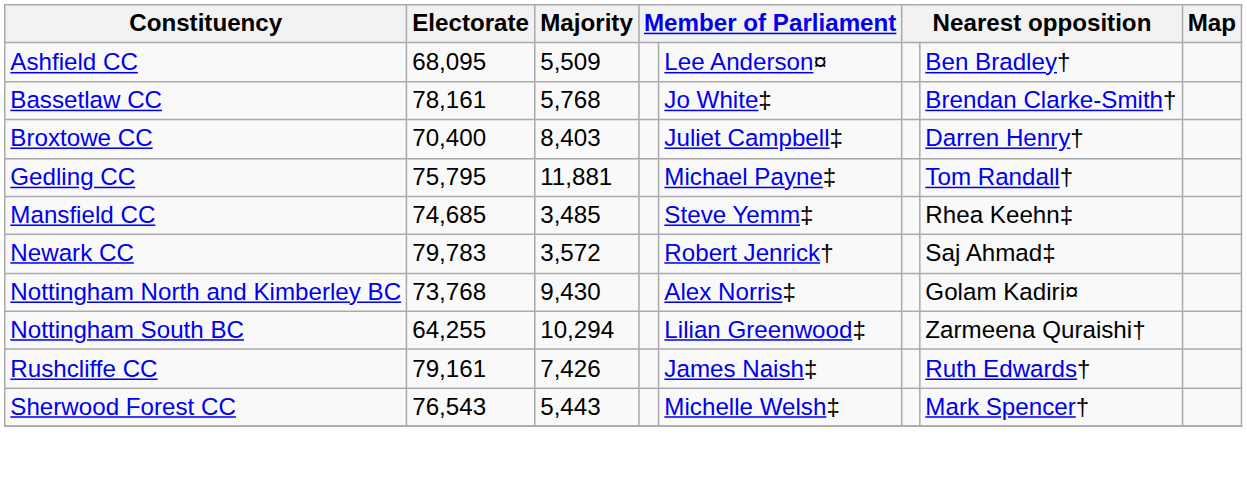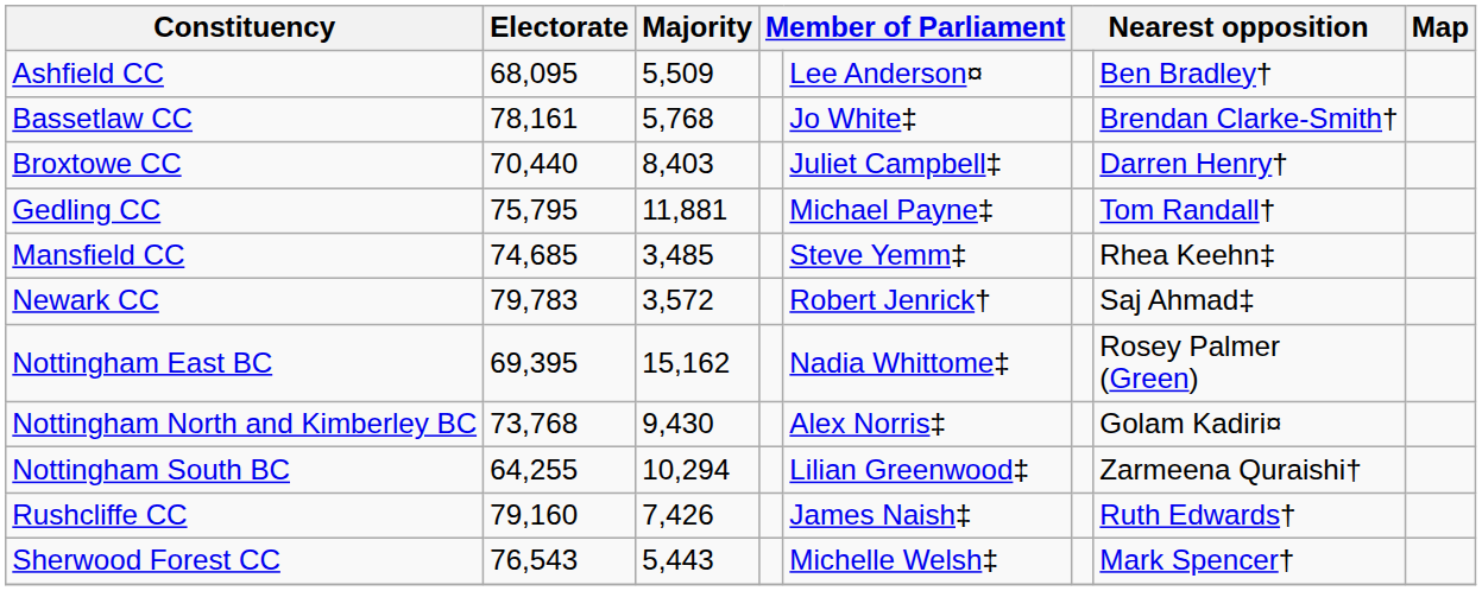 <table class="wikitable sortable">
 <tr>
 <th rowspan="1">Constituency</th>
 <th rowspan="1">Electorate</th>
 <th rowspan="1">Majority</th>
 <th class="unsortable" colspan="2"><a href='#'>Member of Parliament</a></th>
 <th class="unsortable" colspan="2">Nearest opposition<br></th>
 <th class="unsortable" rowspan="1">Map</th>
 </tr>
 <tr>
 <td><a href='#'>Ashfield CC</a></td>
 <td>68,095</td>
 <td>5,509</td>
 <td style="color:inherit;background:"> </td>
 <td><a href='#'>Lee Anderson</a>¤</td>
 <td style="color:inherit;background:"> </td>
 <td><a href='#'>Ben Bradley</a>†</td>
 <td></td>
 </tr>
 <tr>
 <td><a href='#'>Bassetlaw CC</a></td>
 <td>78,161</td>
 <td>5,768</td>
 <td style="color:inherit;background:"> </td>
 <td><a href='#'>Jo White</a>‡</td>
 <td style="color:inherit;background:"> </td>
 <td><a href='#'>Brendan Clarke-Smith</a>†</td>
 <td></td>
 </tr>
 <tr>
 <td><a href='#'>Broxtowe CC</a></td>
-<td>70,400</td>
+<td>70,440</td>
 <td>8,403</td>
 <td style="color:inherit;background:"> </td>
 <td><a href='#'>Juliet Campbell</a>‡</td>
 <td style="color:inherit;background:"> </td>
 <td><a href='#'>Darren Henry</a>†</td>
 <td></td>
 </tr>
 <tr>
 <td><a href='#'>Gedling CC</a></td>
 <td>75,795</td>
 <td>11,881</td>
 <td style="color:inherit;background:"> </td>
 <td><a href='#'>Michael Payne</a>‡</td>
 <td style="color:inherit;background:"> </td>
 <td><a href='#'>Tom Randall</a>†</td>
 <td></td>
 </tr>
 <tr>
 <td><a href='#'>Mansfield CC</a></td>
 <td>74,685</td>
 <td>3,485</td>
 <td style="color:inherit;background:"> </td>
 <td><a href='#'>Steve Yemm</a>‡</td>
 <td style="color:inherit;background:"> </td>
 <td>Rhea Keehn‡</td>
 <td></td>
 </tr>
 <tr>
 <td><a href='#'>Newark CC</a></td>
 <td>79,783</td>
 <td>3,572</td>
 <td style="color:inherit;background:"> </td>
 <td><a href='#'>Robert Jenrick</a>†</td>
 <td style="color:inherit;background:"> </td>
 <td>Saj Ahmad‡</td>
 <td></td>
 </tr>
 <tr>
+<td><a href='#'>Nottingham East BC</a></td>
+<td>69,395</td>
+<td>15,162</td>
+<td style="color:inherit;background:"> </td>
+<td><a href='#'>Nadia Whittome</a>‡</td>
+<td style="color:inherit;background:"> </td>
+<td>Rosey Palmer<br>(<a href='#'>Green</a>)</td>
+<td></td>
+</tr>
+<tr>
 <td><a href='#'>Nottingham North and Kimberley BC</a></td>
 <td>73,768</td>
 <td>9,430</td>
 <td style="color:inherit;background:"> </td>
 <td><a href='#'>Alex Norris</a>‡</td>
 <td style="color:inherit;background:"> </td>
 <td>Golam Kadiri¤</td>
 <td></td>
 </tr>
 <tr>
 <td><a href='#'>Nottingham South BC</a></td>
 <td>64,255</td>
 <td>10,294</td>
 <td style="color:inherit;background:"> </td>
 <td><a href='#'>Lilian Greenwood</a>‡</td>
 <td style="color:inherit;background:"> </td>
 <td>Zarmeena Quraishi†</td>
 <td></td>
 </tr>
 <tr>
 <td><a href='#'>Rushcliffe CC</a></td>
-<td>79,161</td>
+<td>79,160</td>
 <td>7,426</td>
 <td style="color:inherit;background:"> </td>
 <td><a href='#'>James Naish</a>‡</td>
 <td style="color:inherit;background:"> </td>
 <td><a href='#'>Ruth Edwards</a>†</td>
 <td></td>
 </tr>
 <tr>
 <td><a href='#'>Sherwood Forest CC</a></td>
 <td>76,543</td>
 <td>5,443</td>
 <td style="color:inherit;background:"> </td>
 <td><a href='#'>Michelle Welsh</a>‡</td>
 <td style="color:inherit;background:"> </td>
 <td><a href='#'>Mark Spencer</a>†</td>
 <td></td>
 </tr>
 <tr>
 </tr>
 </table>
